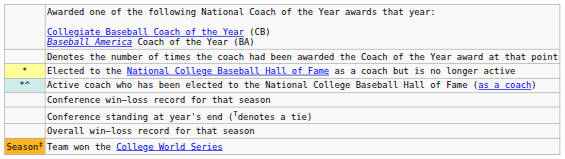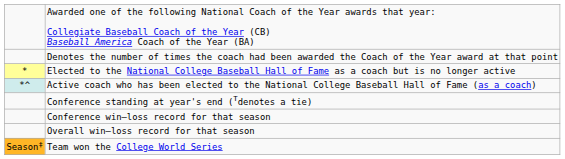 <table class="wikitable">
 <tr>
 <td></td>
 <td>Awarded one of the following National Coach of the Year awards that year:<br><br><a href='#'>Collegiate Baseball Coach of the Year</a> (CB)<br> <em><a href='#'>Baseball America</a></em> Coach of the Year (BA)</td>
 </tr>
 <tr>
 <td></td>
 <td>Denotes the number of times the coach had been awarded the Coach of the Year award at that point</td>
 </tr>
 <tr>
 <td style="background-color:#FFFF99; width:3em; text-align:center;">*</td>
 <td>Elected to the <a href='#'>National College Baseball Hall of Fame</a> as a coach but is no longer active</td>
 </tr>
 <tr>
 <td style="background-color:#CFECEC; width:3em; text-align:center;">*^</td>
 <td>Active coach who has been elected to the National College Baseball Hall of Fame (<a href='#'>as a coach</a>)</td>
 </tr>
 <tr>
 <td></td>
-<td>Conference win–loss record for that season</td>
+<td>Conference standing at year's end (<sup>T</sup>denotes a tie)</td>
 </tr>
 <tr>
 <td></td>
-<td>Conference standing at year's end (<sup>T</sup>denotes a tie)</td>
+<td>Conference win–loss record for that season</td>
 </tr>
 <tr>
 <td></td>
 <td>Overall win–loss record for that season</td>
 </tr>
 <tr>
 <td style="background-color:#ffb626; width:3em">Season<sup>‡</sup></td>
 <td>Team won the <a href='#'>College World Series</a></td>
 </tr>
 </table>
